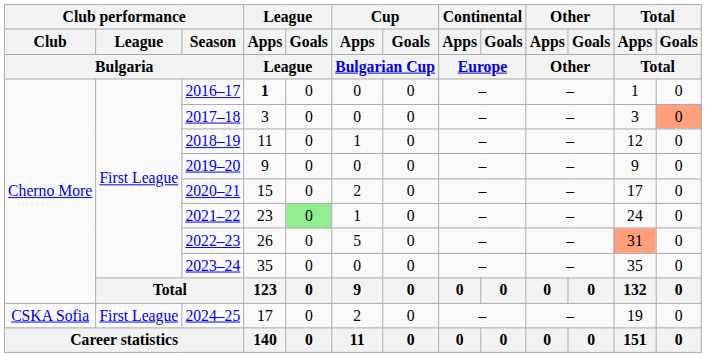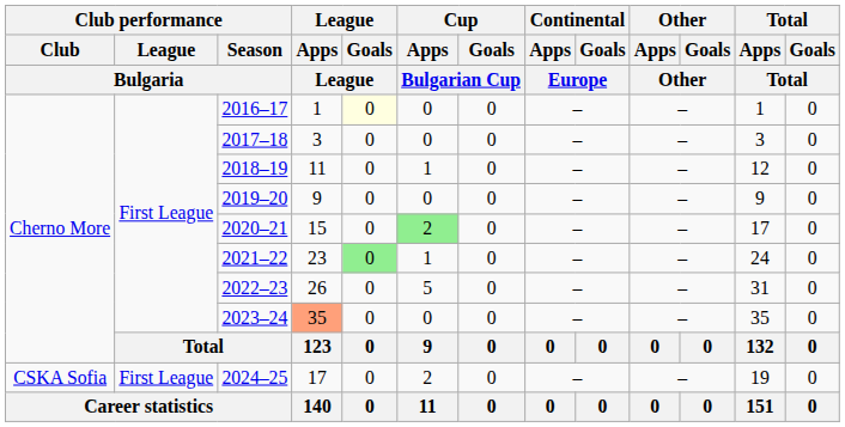 <table class="wikitable" style="text-align: center">
 <tr>
 <th Colspan="3">Club performance</th>
 <th Colspan="2">League</th>
 <th Colspan="2">Cup</th>
 <th Colspan="2">Continental</th>
 <th Colspan="2">Other</th>
 <th Colspan="3">Total</th>
 </tr>
 <tr>
 <th>Club</th>
 <th>League</th>
 <th>Season</th>
 <th>Apps</th>
 <th>Goals</th>
 <th>Apps</th>
 <th>Goals</th>
 <th>Apps</th>
 <th>Goals</th>
 <th>Apps</th>
 <th>Goals</th>
 <th>Apps</th>
 <th>Goals</th>
 </tr>
 <tr>
 <th Colspan="3">Bulgaria</th>
 <th Colspan="2">League</th>
 <th Colspan="2"><a href='#'>Bulgarian Cup</a></th>
 <th Colspan="2"><a href='#'>Europe</a></th>
 <th Colspan="2">Other</th>
 <th Colspan="2">Total</th>
 </tr>
 <tr>
 <td rowspan="9" valign="center"><a href='#'>Cherno More</a></td>
 <td rowspan="8"><a href='#'>First League</a></td>
 <td><a href='#'>2016–17</a></td>
-<td><strong>1</strong></td>
-<td>0</td>
+<td>1</td>
+<td style="background: lightyellow;">0</td>
 <td>0</td>
 <td>0</td>
 <td colspan="2">–</td>
 <td colspan="2">–</td>
 <td>1</td>
 <td>0</td>
 </tr>
 <tr>
 <td><a href='#'>2017–18</a></td>
 <td>3</td>
 <td>0</td>
 <td>0</td>
 <td>0</td>
 <td colspan="2">–</td>
 <td colspan="2">–</td>
 <td>3</td>
-<td style="background: lightsalmon;">0</td>
+<td>0</td>
 </tr>
 <tr>
 <td><a href='#'>2018–19</a></td>
 <td>11</td>
 <td>0</td>
 <td>1</td>
 <td>0</td>
 <td colspan="2">–</td>
 <td colspan="2">–</td>
 <td>12</td>
 <td>0</td>
 </tr>
 <tr>
 <td><a href='#'>2019–20</a></td>
 <td>9</td>
 <td>0</td>
 <td>0</td>
 <td>0</td>
 <td colspan="2">–</td>
 <td colspan="2">–</td>
 <td>9</td>
 <td>0</td>
 </tr>
 <tr>
 <td><a href='#'>2020–21</a></td>
 <td>15</td>
 <td>0</td>
-<td>2</td>
+<td style="background: lightgreen;">2</td>
 <td>0</td>
 <td colspan="2">–</td>
 <td colspan="2">–</td>
 <td>17</td>
 <td>0</td>
 </tr>
 <tr>
 <td><a href='#'>2021–22</a></td>
 <td>23</td>
 <td style="background: lightgreen;">0</td>
 <td>1</td>
 <td>0</td>
 <td colspan="2">–</td>
 <td colspan="2">–</td>
 <td>24</td>
 <td>0</td>
 </tr>
 <tr>
 <td><a href='#'>2022–23</a></td>
 <td>26</td>
 <td>0</td>
 <td>5</td>
 <td>0</td>
 <td colspan="2">–</td>
 <td colspan="2">–</td>
-<td style="background: lightsalmon;">31</td>
+<td>31</td>
 <td>0</td>
 </tr>
 <tr>
 <td><a href='#'>2023–24</a></td>
-<td>35</td>
+<td style="background: lightsalmon;">35</td>
 <td>0</td>
 <td>0</td>
 <td>0</td>
 <td colspan="2">–</td>
 <td colspan="2">–</td>
 <td>35</td>
 <td>0</td>
 </tr>
 <tr>
 <th colspan=2>Total</th>
 <th>123</th>
 <th>0</th>
 <th>9</th>
 <th>0</th>
 <th>0</th>
 <th>0</th>
 <th>0</th>
 <th>0</th>
 <th>132</th>
 <th>0</th>
 </tr>
 <tr>
 <td valign="center"><a href='#'>CSKA Sofia</a></td>
 <td><a href='#'>First League</a></td>
 <td><a href='#'>2024–25</a></td>
 <td>17</td>
 <td>0</td>
 <td>2</td>
 <td>0</td>
 <td colspan="2">–</td>
 <td colspan="2">–</td>
 <td>19</td>
 <td>0</td>
 </tr>
 <tr>
 <th colspan="3">Career statistics</th>
 <th>140</th>
 <th>0</th>
 <th>11</th>
 <th>0</th>
 <th>0</th>
 <th>0</th>
 <th>0</th>
 <th>0</th>
 <th>151</th>
 <th>0</th>
 </tr>
 </table>
